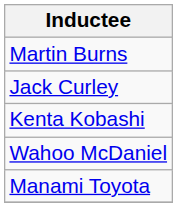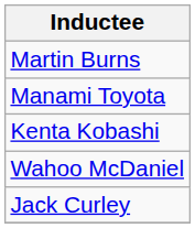 <table class="wikitable">
 <tr>
 <th>Inductee</th>
 </tr>
 <tr>
 <td><a href='#'>Martin Burns</a></td>
 </tr>
 <tr>
-<td><a href='#'>Jack Curley</a></td>
+<td><a href='#'>Manami Toyota</a></td>
 </tr>
 <tr>
 <td><a href='#'>Kenta Kobashi</a></td>
 </tr>
 <tr>
 <td><a href='#'>Wahoo McDaniel</a></td>
 </tr>
 <tr>
-<td><a href='#'>Manami Toyota</a></td>
+<td><a href='#'>Jack Curley</a></td>
 </tr>
 <tr>
 </tr>
 </table>
